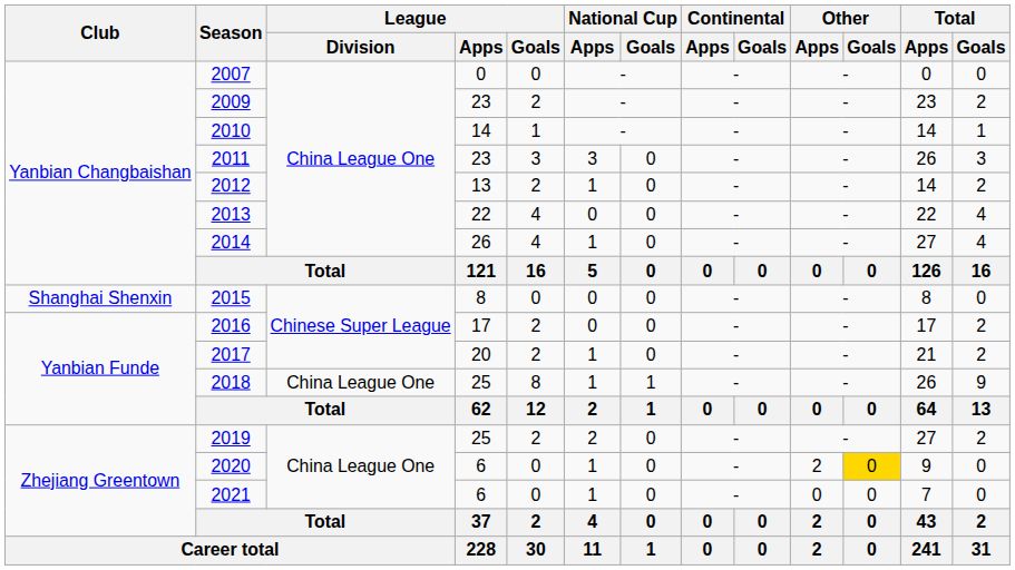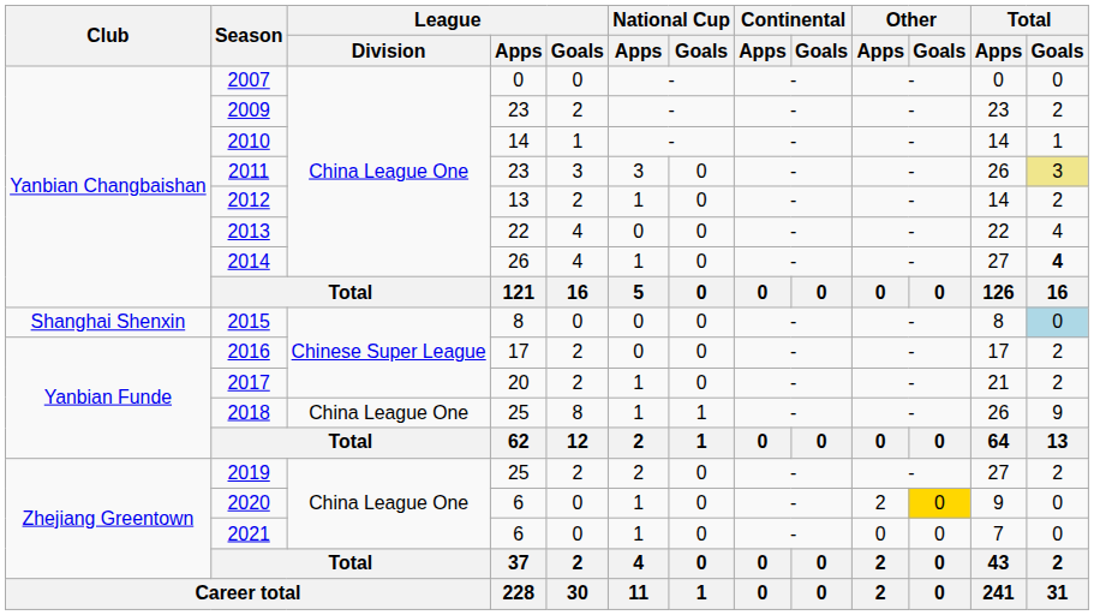 <table class="wikitable" style="text-align: center">
 <tr>
 <th rowspan="2">Club</th>
 <th rowspan="2">Season</th>
 <th colspan="3">League</th>
 <th colspan="2">National Cup</th>
 <th colspan="2">Continental</th>
 <th colspan="2">Other</th>
 <th colspan="2">Total</th>
 </tr>
 <tr>
 <th>Division</th>
 <th>Apps</th>
 <th>Goals</th>
 <th>Apps</th>
 <th>Goals</th>
 <th>Apps</th>
 <th>Goals</th>
 <th>Apps</th>
 <th>Goals</th>
 <th>Apps</th>
 <th>Goals</th>
 </tr>
 <tr>
 <td rowspan=8><a href='#'>Yanbian Changbaishan</a></td>
 <td><a href='#'>2007</a></td>
 <td rowspan="7"><a href='#'>China League One</a></td>
 <td>0</td>
 <td>0</td>
 <td colspan="2">-</td>
 <td colspan="2">-</td>
 <td colspan="2">-</td>
 <td>0</td>
 <td>0</td>
 </tr>
 <tr>
 <td><a href='#'>2009</a></td>
 <td>23</td>
 <td>2</td>
 <td colspan="2">-</td>
 <td colspan="2">-</td>
 <td colspan="2">-</td>
 <td>23</td>
 <td>2</td>
 </tr>
 <tr>
 <td><a href='#'>2010</a></td>
 <td>14</td>
 <td>1</td>
 <td colspan="2">-</td>
 <td colspan="2">-</td>
 <td colspan="2">-</td>
 <td>14</td>
 <td>1</td>
 </tr>
 <tr>
 <td><a href='#'>2011</a></td>
 <td>23</td>
 <td>3</td>
 <td>3</td>
 <td>0</td>
 <td colspan="2">-</td>
 <td colspan="2">-</td>
 <td>26</td>
-<td>3</td>
+<td style="background: khaki;">3</td>
 </tr>
 <tr>
 <td><a href='#'>2012</a></td>
 <td>13</td>
 <td>2</td>
 <td>1</td>
 <td>0</td>
 <td colspan="2">-</td>
 <td colspan="2">-</td>
 <td>14</td>
 <td>2</td>
 </tr>
 <tr>
 <td><a href='#'>2013</a></td>
 <td>22</td>
 <td>4</td>
 <td>0</td>
 <td>0</td>
 <td colspan="2">-</td>
 <td colspan="2">-</td>
 <td>22</td>
 <td>4</td>
 </tr>
 <tr>
 <td><a href='#'>2014</a></td>
 <td>26</td>
 <td>4</td>
 <td>1</td>
 <td>0</td>
 <td colspan="2">-</td>
 <td colspan="2">-</td>
 <td>27</td>
-<td>4</td>
+<td><strong>4</strong></td>
 </tr>
 <tr>
 <th colspan=2>Total</th>
 <th>121</th>
 <th>16</th>
 <th>5</th>
 <th>0</th>
 <th>0</th>
 <th>0</th>
 <th>0</th>
 <th>0</th>
 <th>126</th>
 <th>16</th>
 </tr>
 <tr>
 <td><a href='#'>Shanghai Shenxin</a></td>
 <td><a href='#'>2015</a></td>
 <td rowspan="3"><a href='#'>Chinese Super League</a></td>
 <td>8</td>
 <td>0</td>
 <td>0</td>
 <td>0</td>
 <td colspan="2">-</td>
 <td colspan="2">-</td>
 <td>8</td>
-<td>0</td>
+<td style="background: lightblue;">0</td>
 </tr>
 <tr>
 <td rowspan=4><a href='#'>Yanbian Funde</a></td>
 <td><a href='#'>2016</a></td>
 <td>17</td>
 <td>2</td>
 <td>0</td>
 <td>0</td>
 <td colspan="2">-</td>
 <td colspan="2">-</td>
 <td>17</td>
 <td>2</td>
 </tr>
 <tr>
 <td><a href='#'>2017</a></td>
 <td>20</td>
 <td>2</td>
 <td>1</td>
 <td>0</td>
 <td colspan="2">-</td>
 <td colspan="2">-</td>
 <td>21</td>
 <td>2</td>
 </tr>
 <tr>
 <td><a href='#'>2018</a></td>
 <td>China League One</td>
 <td>25</td>
 <td>8</td>
 <td>1</td>
 <td>1</td>
 <td colspan="2">-</td>
 <td colspan="2">-</td>
 <td>26</td>
 <td>9</td>
 </tr>
 <tr>
 <th colspan=2>Total</th>
 <th>62</th>
 <th>12</th>
 <th>2</th>
 <th>1</th>
 <th>0</th>
 <th>0</th>
 <th>0</th>
 <th>0</th>
 <th>64</th>
 <th>13</th>
 </tr>
 <tr>
 <td rowspan="4"><a href='#'>Zhejiang Greentown</a></td>
 <td><a href='#'>2019</a></td>
 <td rowspan="3">China League One</td>
 <td>25</td>
 <td>2</td>
 <td>2</td>
 <td>0</td>
 <td colspan="2">-</td>
 <td colspan="2">-</td>
 <td>27</td>
 <td>2</td>
 </tr>
 <tr>
 <td><a href='#'>2020</a></td>
 <td>6</td>
 <td>0</td>
 <td>1</td>
 <td>0</td>
 <td colspan="2">-</td>
 <td>2</td>
 <td style="background: gold;">0</td>
 <td>9</td>
 <td>0</td>
 </tr>
 <tr>
 <td><a href='#'>2021</a></td>
 <td>6</td>
 <td>0</td>
 <td>1</td>
 <td>0</td>
 <td colspan="2">-</td>
 <td>0</td>
 <td>0</td>
 <td>7</td>
 <td>0</td>
 </tr>
 <tr>
 <th colspan=2>Total</th>
 <th>37</th>
 <th>2</th>
 <th>4</th>
 <th>0</th>
 <th>0</th>
 <th>0</th>
 <th>2</th>
 <th>0</th>
 <th>43</th>
 <th>2</th>
 </tr>
 <tr>
 <th colspan=3>Career total</th>
 <th>228</th>
 <th>30</th>
 <th>11</th>
 <th>1</th>
 <th>0</th>
 <th>0</th>
 <th>2</th>
 <th>0</th>
 <th>241</th>
 <th>31</th>
 </tr>
 </table>
